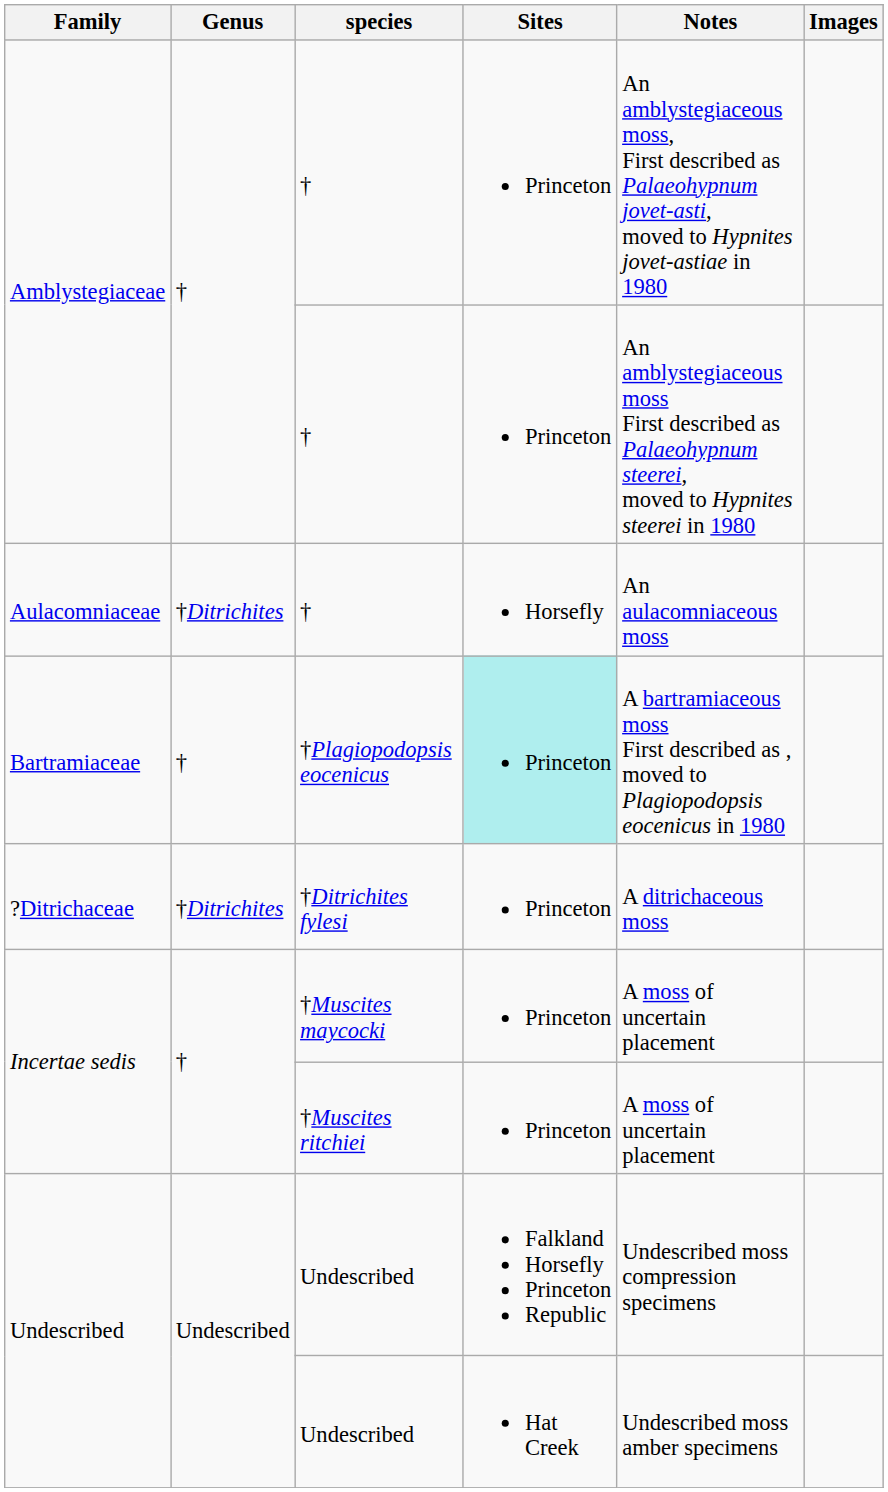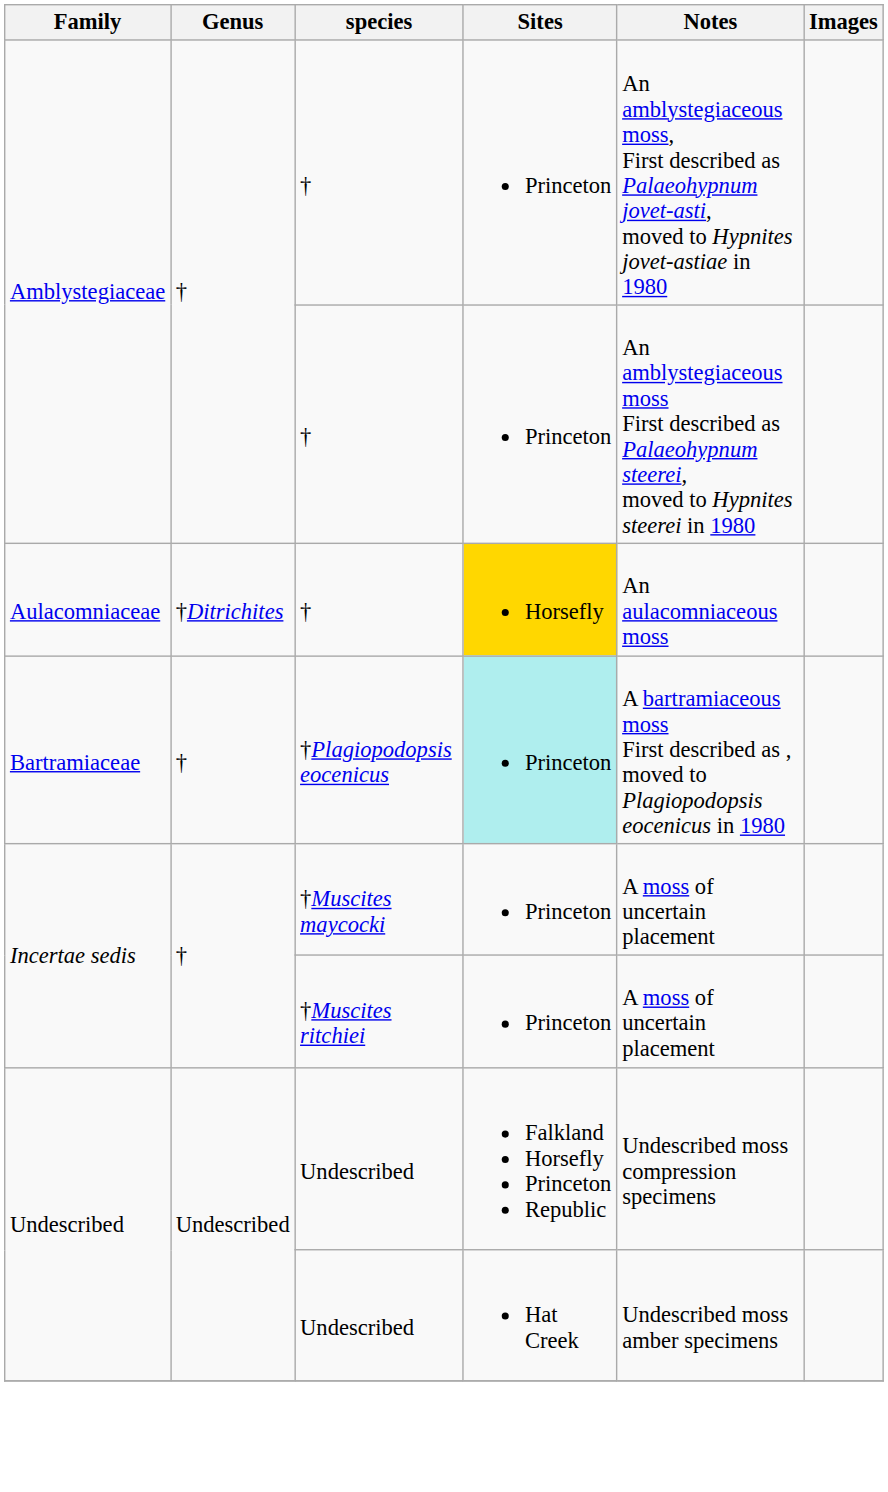 <table class="wikitable sortable mw-collapsible" style="margin:auto; width:100%">
 <tr>
 <th>Family</th>
 <th>Genus</th>
 <th>species</th>
 <th>Sites</th>
 <th>Notes</th>
 <th>Images</th>
 </tr>
 <tr>
 <td rowspan=2><a href='#'>Amblystegiaceae</a></td>
 <td rowspan=2>†</td>
 <td><br>†</td>
 <td><br><ul><li>Princeton</li></ul></td>
 <td><br>An <a href='#'>amblystegiaceous</a> <a href='#'>moss</a>, <br> First described as <em><a href='#'>Palaeohypnum jovet-asti</a></em>,<br> moved to <em>Hypnites jovet-astiae</em> in <a href='#'>1980</a></td>
 <td></td>
 </tr>
 <tr>
 <td><br>†</td>
 <td><br><ul><li>Princeton</li></ul></td>
 <td><br>An <a href='#'>amblystegiaceous</a> <a href='#'>moss</a><br> First described as <em><a href='#'>Palaeohypnum steerei</a></em>,<br> moved to <em>Hypnites steerei</em> in <a href='#'>1980</a></td>
 <td></td>
 </tr>
 <tr>
 <td><br><a href='#'>Aulacomniaceae</a></td>
 <td><br>†<em><a href='#'>Ditrichites</a></em></td>
 <td><br>†</td>
-<td><br><ul><li>Horsefly</li></ul></td>
+<td style="background: gold;"><br><ul><li>Horsefly</li></ul></td>
 <td><br>An <a href='#'>aulacomniaceous</a> <a href='#'>moss</a></td>
 <td></td>
 </tr>
 <tr>
 <td><br><a href='#'>Bartramiaceae</a></td>
 <td><br>†</td>
 <td><br>†<em><a href='#'>Plagiopodopsis eocenicus</a></em></td>
 <td style="background: paleturquoise;"><br><ul><li>Princeton</li></ul></td>
 <td><br>A <a href='#'>bartramiaceous</a> <a href='#'>moss</a><br> First described as ,<br> moved to <em>Plagiopodopsis eocenicus</em> in <a href='#'>1980</a></td>
-<td></td>
-</tr>
-<tr>
-<td><br>?<a href='#'>Ditrichaceae</a></td>
-<td><br>†<em><a href='#'>Ditrichites</a></em></td>
-<td><br>†<em><a href='#'>Ditrichites fylesi</a></em></td>
-<td><br><ul><li>Princeton</li></ul></td>
-<td><br>A <a href='#'>ditrichaceous</a> <a href='#'>moss</a></td>
 <td></td>
 </tr>
 <tr>
 <td rowspan=2><em>Incertae sedis</em></td>
 <td rowspan=2>†</td>
 <td><br>†<em><a href='#'>Muscites maycocki</a></em></td>
 <td><br><ul><li>Princeton</li></ul></td>
 <td><br>A <a href='#'>moss</a> of uncertain placement</td>
 <td></td>
 </tr>
 <tr>
 <td><br>†<em><a href='#'>Muscites ritchiei</a></em></td>
 <td><br><ul><li>Princeton</li></ul></td>
 <td><br>A <a href='#'>moss</a> of uncertain placement</td>
 <td></td>
 </tr>
 <tr>
 <td rowspan=2>Undescribed</td>
 <td rowspan=2>Undescribed</td>
 <td><br>Undescribed</td>
 <td><br><ul><li>Falkland</li><li>Horsefly</li><li>Princeton</li><li>Republic</li></ul></td>
 <td><br>Undescribed moss compression specimens</td>
 <td><br></td>
 </tr>
 <tr>
 <td><br>Undescribed</td>
 <td><br><ul><li>Hat Creek</li></ul></td>
 <td><br>Undescribed moss amber specimens</td>
 <td></td>
 </tr>
 <tr>
 </tr>
 </table>
